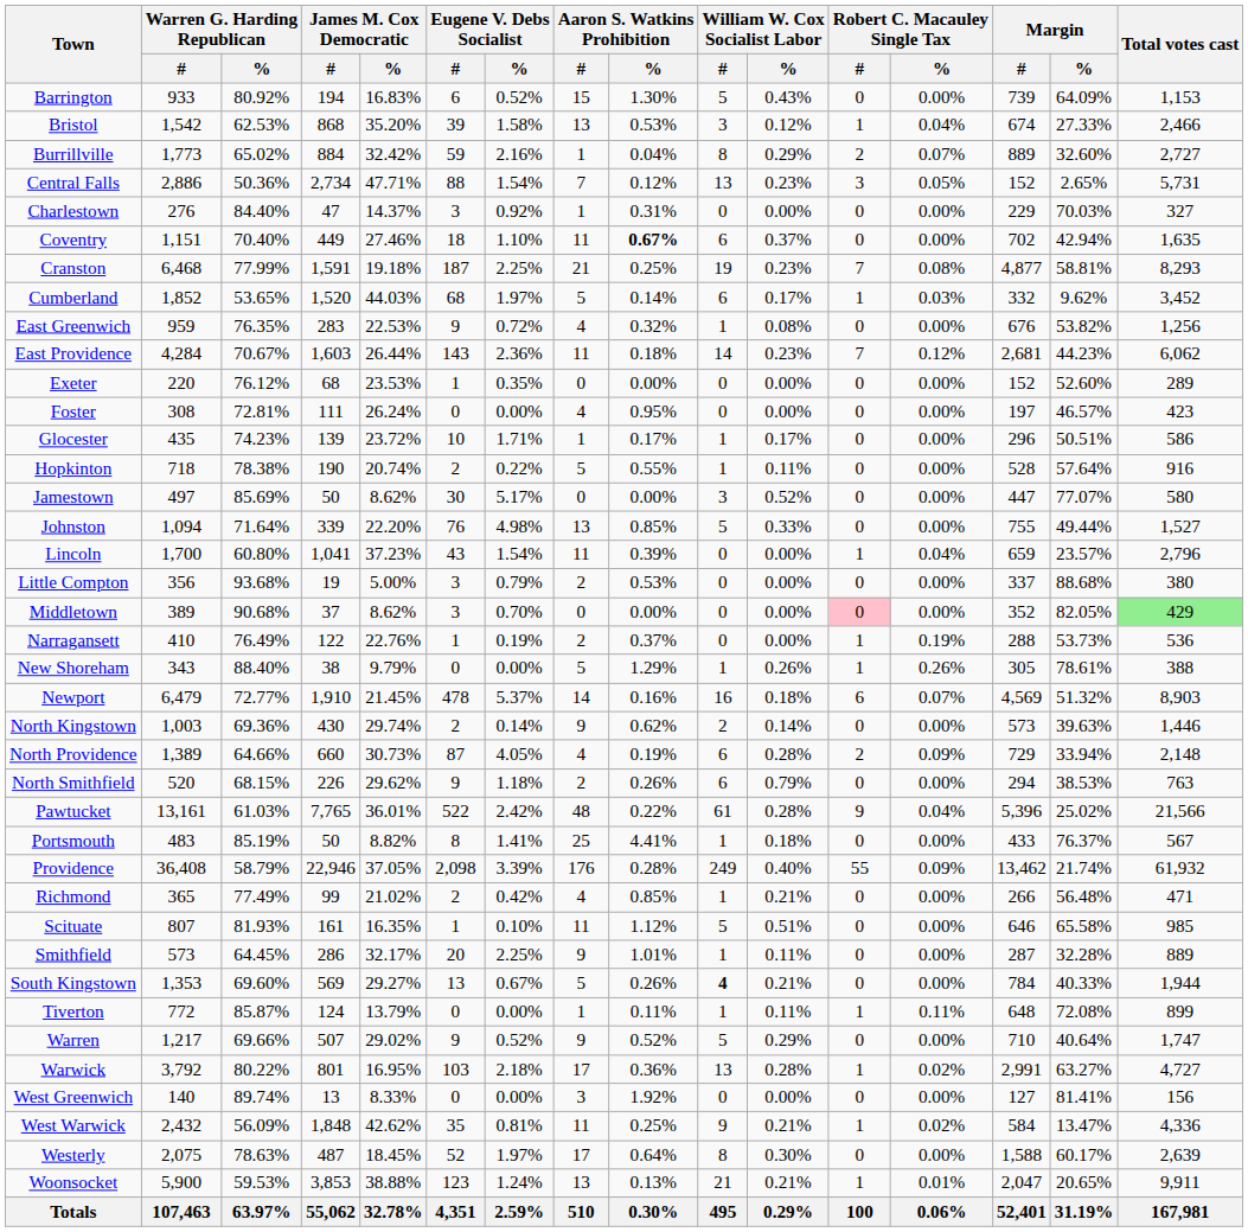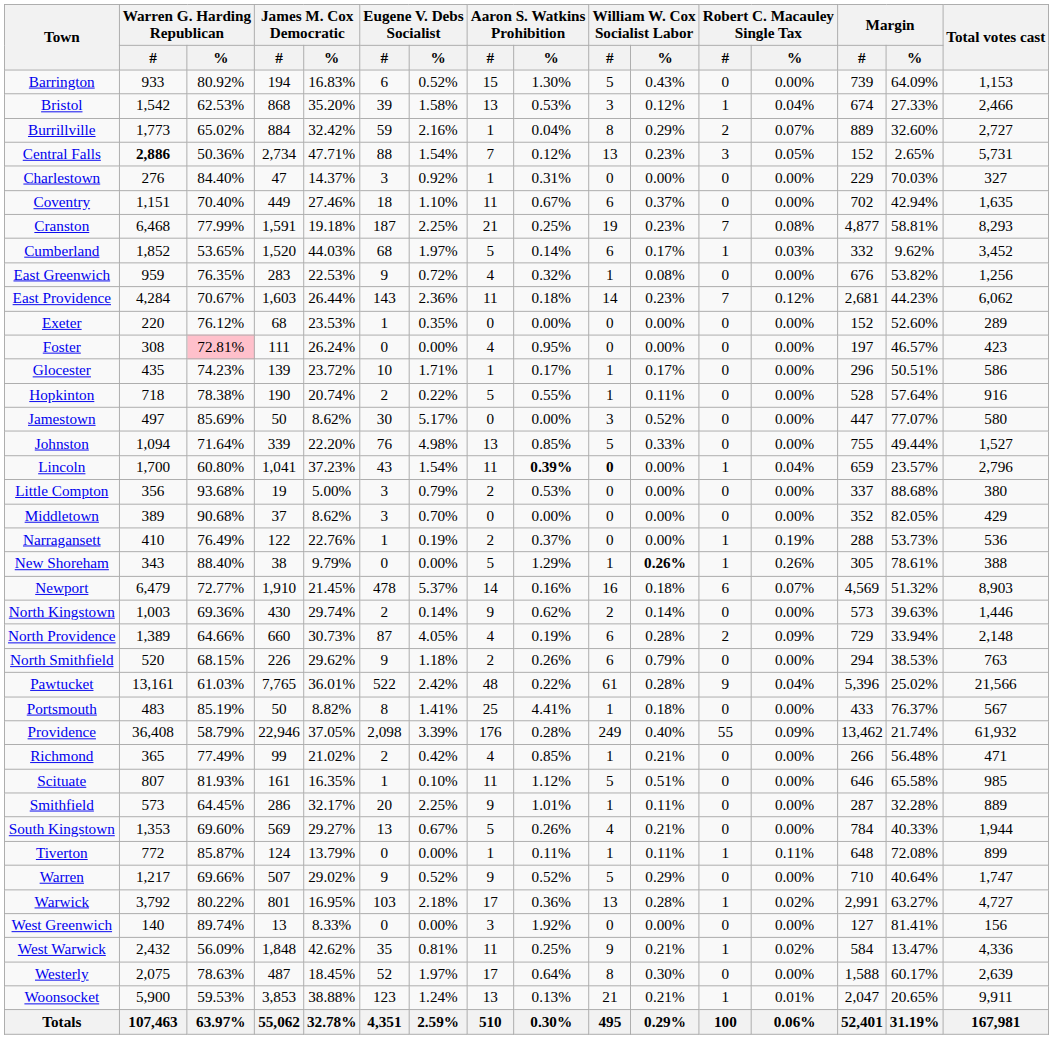 <table class="wikitable sortable" style="text-align:center">
 <tr>
 <th style="text-align:center;" rowspan="2">Town</th>
 <th style="text-align:center;" colspan="2">Warren G. Harding<br>Republican</th>
 <th style="text-align:center;" colspan="2">James M. Cox<br>Democratic</th>
 <th style="text-align:center;" colspan="2">Eugene V. Debs<br>Socialist</th>
 <th style="text-align:center;" colspan="2">Aaron S. Watkins<br>Prohibition</th>
 <th style="text-align:center;" colspan="2">William W. Cox<br>Socialist Labor</th>
 <th style="text-align:center;" colspan="2">Robert C. Macauley<br>Single Tax</th>
 <th style="text-align:center;" colspan="2">Margin</th>
 <th style="text-align:center;" rowspan="2" style="text-align:center;">Total votes cast</th>
 </tr>
 <tr>
 <th style="text-align:center;" data-sort-type="number">#</th>
 <th style="text-align:center;" data-sort-type="number">%</th>
 <th style="text-align:center;" data-sort-type="number">#</th>
 <th style="text-align:center;" data-sort-type="number">%</th>
 <th style="text-align:center;" data-sort-type="number">#</th>
 <th style="text-align:center;" data-sort-type="number">%</th>
 <th style="text-align:center;" data-sort-type="number">#</th>
 <th style="text-align:center;" data-sort-type="number">%</th>
 <th style="text-align:center;" data-sort-type="number">#</th>
 <th style="text-align:center;" data-sort-type="number">%</th>
 <th style="text-align:center;" data-sort-type="number">#</th>
 <th style="text-align:center;" data-sort-type="number">%</th>
 <th style="text-align:center;" data-sort-type="number">#</th>
 <th style="text-align:center;" data-sort-type="number">%</th>
 </tr>
 <tr style="text-align:center;">
 <td><a href='#'>Barrington</a></td>
 <td>933</td>
 <td>80.92%</td>
 <td>194</td>
 <td>16.83%</td>
 <td>6</td>
 <td>0.52%</td>
 <td>15</td>
 <td>1.30%</td>
 <td>5</td>
 <td>0.43%</td>
 <td>0</td>
 <td>0.00%</td>
 <td>739</td>
 <td>64.09%</td>
 <td>1,153</td>
 </tr>
 <tr style="text-align:center;">
 <td><a href='#'>Bristol</a></td>
 <td>1,542</td>
 <td>62.53%</td>
 <td>868</td>
 <td>35.20%</td>
 <td>39</td>
 <td>1.58%</td>
 <td>13</td>
 <td>0.53%</td>
 <td>3</td>
 <td>0.12%</td>
 <td>1</td>
 <td>0.04%</td>
 <td>674</td>
 <td>27.33%</td>
 <td>2,466</td>
 </tr>
 <tr style="text-align:center;">
 <td><a href='#'>Burrillville</a></td>
 <td>1,773</td>
 <td>65.02%</td>
 <td>884</td>
 <td>32.42%</td>
 <td>59</td>
 <td>2.16%</td>
 <td>1</td>
 <td>0.04%</td>
 <td>8</td>
 <td>0.29%</td>
 <td>2</td>
 <td>0.07%</td>
 <td>889</td>
 <td>32.60%</td>
 <td>2,727</td>
 </tr>
 <tr style="text-align:center;">
 <td><a href='#'>Central Falls</a></td>
-<td>2,886</td>
+<td><strong>2,886</strong></td>
 <td>50.36%</td>
 <td>2,734</td>
 <td>47.71%</td>
 <td>88</td>
 <td>1.54%</td>
 <td>7</td>
 <td>0.12%</td>
 <td>13</td>
 <td>0.23%</td>
 <td>3</td>
 <td>0.05%</td>
 <td>152</td>
 <td>2.65%</td>
 <td>5,731</td>
 </tr>
 <tr style="text-align:center;">
 <td><a href='#'>Charlestown</a></td>
 <td>276</td>
 <td>84.40%</td>
 <td>47</td>
 <td>14.37%</td>
 <td>3</td>
 <td>0.92%</td>
 <td>1</td>
 <td>0.31%</td>
 <td>0</td>
 <td>0.00%</td>
 <td>0</td>
 <td>0.00%</td>
 <td>229</td>
 <td>70.03%</td>
 <td>327</td>
 </tr>
 <tr style="text-align:center;">
 <td><a href='#'>Coventry</a></td>
 <td>1,151</td>
 <td>70.40%</td>
 <td>449</td>
 <td>27.46%</td>
 <td>18</td>
 <td>1.10%</td>
 <td>11</td>
-<td><strong>0.67%</strong></td>
+<td>0.67%</td>
 <td>6</td>
 <td>0.37%</td>
 <td>0</td>
 <td>0.00%</td>
 <td>702</td>
 <td>42.94%</td>
 <td>1,635</td>
 </tr>
 <tr style="text-align:center;">
 <td><a href='#'>Cranston</a></td>
 <td>6,468</td>
 <td>77.99%</td>
 <td>1,591</td>
 <td>19.18%</td>
 <td>187</td>
 <td>2.25%</td>
 <td>21</td>
 <td>0.25%</td>
 <td>19</td>
 <td>0.23%</td>
 <td>7</td>
 <td>0.08%</td>
 <td>4,877</td>
 <td>58.81%</td>
 <td>8,293</td>
 </tr>
 <tr style="text-align:center;">
 <td><a href='#'>Cumberland</a></td>
 <td>1,852</td>
 <td>53.65%</td>
 <td>1,520</td>
 <td>44.03%</td>
 <td>68</td>
 <td>1.97%</td>
 <td>5</td>
 <td>0.14%</td>
 <td>6</td>
 <td>0.17%</td>
 <td>1</td>
 <td>0.03%</td>
 <td>332</td>
 <td>9.62%</td>
 <td>3,452</td>
 </tr>
 <tr style="text-align:center;">
 <td><a href='#'>East Greenwich</a></td>
 <td>959</td>
 <td>76.35%</td>
 <td>283</td>
 <td>22.53%</td>
 <td>9</td>
 <td>0.72%</td>
 <td>4</td>
 <td>0.32%</td>
 <td>1</td>
 <td>0.08%</td>
 <td>0</td>
 <td>0.00%</td>
 <td>676</td>
 <td>53.82%</td>
 <td>1,256</td>
 </tr>
 <tr style="text-align:center;">
 <td><a href='#'>East Providence</a></td>
 <td>4,284</td>
 <td>70.67%</td>
 <td>1,603</td>
 <td>26.44%</td>
 <td>143</td>
 <td>2.36%</td>
 <td>11</td>
 <td>0.18%</td>
 <td>14</td>
 <td>0.23%</td>
 <td>7</td>
 <td>0.12%</td>
 <td>2,681</td>
 <td>44.23%</td>
 <td>6,062</td>
 </tr>
 <tr style="text-align:center;">
 <td><a href='#'>Exeter</a></td>
 <td>220</td>
 <td>76.12%</td>
 <td>68</td>
 <td>23.53%</td>
 <td>1</td>
 <td>0.35%</td>
 <td>0</td>
 <td>0.00%</td>
 <td>0</td>
 <td>0.00%</td>
 <td>0</td>
 <td>0.00%</td>
 <td>152</td>
 <td>52.60%</td>
 <td>289</td>
 </tr>
 <tr style="text-align:center;">
 <td><a href='#'>Foster</a></td>
 <td>308</td>
-<td>72.81%</td>
+<td style="background: pink;">72.81%</td>
 <td>111</td>
 <td>26.24%</td>
 <td>0</td>
 <td>0.00%</td>
 <td>4</td>
 <td>0.95%</td>
 <td>0</td>
 <td>0.00%</td>
 <td>0</td>
 <td>0.00%</td>
 <td>197</td>
 <td>46.57%</td>
 <td>423</td>
 </tr>
 <tr style="text-align:center;">
 <td><a href='#'>Glocester</a></td>
 <td>435</td>
 <td>74.23%</td>
 <td>139</td>
 <td>23.72%</td>
 <td>10</td>
 <td>1.71%</td>
 <td>1</td>
 <td>0.17%</td>
 <td>1</td>
 <td>0.17%</td>
 <td>0</td>
 <td>0.00%</td>
 <td>296</td>
 <td>50.51%</td>
 <td>586</td>
 </tr>
 <tr style="text-align:center;">
 <td><a href='#'>Hopkinton</a></td>
 <td>718</td>
 <td>78.38%</td>
 <td>190</td>
 <td>20.74%</td>
 <td>2</td>
 <td>0.22%</td>
 <td>5</td>
 <td>0.55%</td>
 <td>1</td>
 <td>0.11%</td>
 <td>0</td>
 <td>0.00%</td>
 <td>528</td>
 <td>57.64%</td>
 <td>916</td>
 </tr>
 <tr style="text-align:center;">
 <td><a href='#'>Jamestown</a></td>
 <td>497</td>
 <td>85.69%</td>
 <td>50</td>
 <td>8.62%</td>
 <td>30</td>
 <td>5.17%</td>
 <td>0</td>
 <td>0.00%</td>
 <td>3</td>
 <td>0.52%</td>
 <td>0</td>
 <td>0.00%</td>
 <td>447</td>
 <td>77.07%</td>
 <td>580</td>
 </tr>
 <tr style="text-align:center;">
 <td><a href='#'>Johnston</a></td>
 <td>1,094</td>
 <td>71.64%</td>
 <td>339</td>
 <td>22.20%</td>
 <td>76</td>
 <td>4.98%</td>
 <td>13</td>
 <td>0.85%</td>
 <td>5</td>
 <td>0.33%</td>
 <td>0</td>
 <td>0.00%</td>
 <td>755</td>
 <td>49.44%</td>
 <td>1,527</td>
 </tr>
 <tr style="text-align:center;">
 <td><a href='#'>Lincoln</a></td>
 <td>1,700</td>
 <td>60.80%</td>
 <td>1,041</td>
 <td>37.23%</td>
 <td>43</td>
 <td>1.54%</td>
 <td>11</td>
-<td>0.39%</td>
-<td>0</td>
+<td><strong>0.39%</strong></td>
+<td><strong>0</strong></td>
 <td>0.00%</td>
 <td>1</td>
 <td>0.04%</td>
 <td>659</td>
 <td>23.57%</td>
 <td>2,796</td>
 </tr>
 <tr style="text-align:center;">
 <td><a href='#'>Little Compton</a></td>
 <td>356</td>
 <td>93.68%</td>
 <td>19</td>
 <td>5.00%</td>
 <td>3</td>
 <td>0.79%</td>
 <td>2</td>
 <td>0.53%</td>
 <td>0</td>
 <td>0.00%</td>
 <td>0</td>
 <td>0.00%</td>
 <td>337</td>
 <td>88.68%</td>
 <td>380</td>
 </tr>
 <tr style="text-align:center;">
 <td><a href='#'>Middletown</a></td>
 <td>389</td>
 <td>90.68%</td>
 <td>37</td>
 <td>8.62%</td>
 <td>3</td>
 <td>0.70%</td>
 <td>0</td>
 <td>0.00%</td>
 <td>0</td>
 <td>0.00%</td>
-<td style="background: pink;">0</td>
+<td>0</td>
 <td>0.00%</td>
 <td>352</td>
 <td>82.05%</td>
-<td style="background: lightgreen;">429</td>
+<td>429</td>
 </tr>
 <tr style="text-align:center;">
 <td><a href='#'>Narragansett</a></td>
 <td>410</td>
 <td>76.49%</td>
 <td>122</td>
 <td>22.76%</td>
 <td>1</td>
 <td>0.19%</td>
 <td>2</td>
 <td>0.37%</td>
 <td>0</td>
 <td>0.00%</td>
 <td>1</td>
 <td>0.19%</td>
 <td>288</td>
 <td>53.73%</td>
 <td>536</td>
 </tr>
 <tr style="text-align:center;">
 <td><a href='#'>New Shoreham</a></td>
 <td>343</td>
 <td>88.40%</td>
 <td>38</td>
 <td>9.79%</td>
 <td>0</td>
 <td>0.00%</td>
 <td>5</td>
 <td>1.29%</td>
 <td>1</td>
-<td>0.26%</td>
+<td><strong>0.26%</strong></td>
 <td>1</td>
 <td>0.26%</td>
 <td>305</td>
 <td>78.61%</td>
 <td>388</td>
 </tr>
 <tr style="text-align:center;">
 <td><a href='#'>Newport</a></td>
 <td>6,479</td>
 <td>72.77%</td>
 <td>1,910</td>
 <td>21.45%</td>
 <td>478</td>
 <td>5.37%</td>
 <td>14</td>
 <td>0.16%</td>
 <td>16</td>
 <td>0.18%</td>
 <td>6</td>
 <td>0.07%</td>
 <td>4,569</td>
 <td>51.32%</td>
 <td>8,903</td>
 </tr>
 <tr style="text-align:center;">
 <td><a href='#'>North Kingstown</a></td>
 <td>1,003</td>
 <td>69.36%</td>
 <td>430</td>
 <td>29.74%</td>
 <td>2</td>
 <td>0.14%</td>
 <td>9</td>
 <td>0.62%</td>
 <td>2</td>
 <td>0.14%</td>
 <td>0</td>
 <td>0.00%</td>
 <td>573</td>
 <td>39.63%</td>
 <td>1,446</td>
 </tr>
 <tr style="text-align:center;">
 <td><a href='#'>North Providence</a></td>
 <td>1,389</td>
 <td>64.66%</td>
 <td>660</td>
 <td>30.73%</td>
 <td>87</td>
 <td>4.05%</td>
 <td>4</td>
 <td>0.19%</td>
 <td>6</td>
 <td>0.28%</td>
 <td>2</td>
 <td>0.09%</td>
 <td>729</td>
 <td>33.94%</td>
 <td>2,148</td>
 </tr>
 <tr style="text-align:center;">
 <td><a href='#'>North Smithfield</a></td>
 <td>520</td>
 <td>68.15%</td>
 <td>226</td>
 <td>29.62%</td>
 <td>9</td>
 <td>1.18%</td>
 <td>2</td>
 <td>0.26%</td>
 <td>6</td>
 <td>0.79%</td>
 <td>0</td>
 <td>0.00%</td>
 <td>294</td>
 <td>38.53%</td>
 <td>763</td>
 </tr>
 <tr style="text-align:center;">
 <td><a href='#'>Pawtucket</a></td>
 <td>13,161</td>
 <td>61.03%</td>
 <td>7,765</td>
 <td>36.01%</td>
 <td>522</td>
 <td>2.42%</td>
 <td>48</td>
 <td>0.22%</td>
 <td>61</td>
 <td>0.28%</td>
 <td>9</td>
 <td>0.04%</td>
 <td>5,396</td>
 <td>25.02%</td>
 <td>21,566</td>
 </tr>
 <tr style="text-align:center;">
 <td><a href='#'>Portsmouth</a></td>
 <td>483</td>
 <td>85.19%</td>
 <td>50</td>
 <td>8.82%</td>
 <td>8</td>
 <td>1.41%</td>
 <td>25</td>
 <td>4.41%</td>
 <td>1</td>
 <td>0.18%</td>
 <td>0</td>
 <td>0.00%</td>
 <td>433</td>
 <td>76.37%</td>
 <td>567</td>
 </tr>
 <tr style="text-align:center;">
 <td><a href='#'>Providence</a></td>
 <td>36,408</td>
 <td>58.79%</td>
 <td>22,946</td>
 <td>37.05%</td>
 <td>2,098</td>
 <td>3.39%</td>
 <td>176</td>
 <td>0.28%</td>
 <td>249</td>
 <td>0.40%</td>
 <td>55</td>
 <td>0.09%</td>
 <td>13,462</td>
 <td>21.74%</td>
 <td>61,932</td>
 </tr>
 <tr style="text-align:center;">
 <td><a href='#'>Richmond</a></td>
 <td>365</td>
 <td>77.49%</td>
 <td>99</td>
 <td>21.02%</td>
 <td>2</td>
 <td>0.42%</td>
 <td>4</td>
 <td>0.85%</td>
 <td>1</td>
 <td>0.21%</td>
 <td>0</td>
 <td>0.00%</td>
 <td>266</td>
 <td>56.48%</td>
 <td>471</td>
 </tr>
 <tr style="text-align:center;">
 <td><a href='#'>Scituate</a></td>
 <td>807</td>
 <td>81.93%</td>
 <td>161</td>
 <td>16.35%</td>
 <td>1</td>
 <td>0.10%</td>
 <td>11</td>
 <td>1.12%</td>
 <td>5</td>
 <td>0.51%</td>
 <td>0</td>
 <td>0.00%</td>
 <td>646</td>
 <td>65.58%</td>
 <td>985</td>
 </tr>
 <tr style="text-align:center;">
 <td><a href='#'>Smithfield</a></td>
 <td>573</td>
 <td>64.45%</td>
 <td>286</td>
 <td>32.17%</td>
 <td>20</td>
 <td>2.25%</td>
 <td>9</td>
 <td>1.01%</td>
 <td>1</td>
 <td>0.11%</td>
 <td>0</td>
 <td>0.00%</td>
 <td>287</td>
 <td>32.28%</td>
 <td>889</td>
 </tr>
 <tr style="text-align:center;">
 <td><a href='#'>South Kingstown</a></td>
 <td>1,353</td>
 <td>69.60%</td>
 <td>569</td>
 <td>29.27%</td>
 <td>13</td>
 <td>0.67%</td>
 <td>5</td>
 <td>0.26%</td>
-<td><strong>4</strong></td>
+<td>4</td>
 <td>0.21%</td>
 <td>0</td>
 <td>0.00%</td>
 <td>784</td>
 <td>40.33%</td>
 <td>1,944</td>
 </tr>
 <tr style="text-align:center;">
 <td><a href='#'>Tiverton</a></td>
 <td>772</td>
 <td>85.87%</td>
 <td>124</td>
 <td>13.79%</td>
 <td>0</td>
 <td>0.00%</td>
 <td>1</td>
 <td>0.11%</td>
 <td>1</td>
 <td>0.11%</td>
 <td>1</td>
 <td>0.11%</td>
 <td>648</td>
 <td>72.08%</td>
 <td>899</td>
 </tr>
 <tr style="text-align:center;">
 <td><a href='#'>Warren</a></td>
 <td>1,217</td>
 <td>69.66%</td>
 <td>507</td>
 <td>29.02%</td>
 <td>9</td>
 <td>0.52%</td>
 <td>9</td>
 <td>0.52%</td>
 <td>5</td>
 <td>0.29%</td>
 <td>0</td>
 <td>0.00%</td>
 <td>710</td>
 <td>40.64%</td>
 <td>1,747</td>
 </tr>
 <tr style="text-align:center;">
 <td><a href='#'>Warwick</a></td>
 <td>3,792</td>
 <td>80.22%</td>
 <td>801</td>
 <td>16.95%</td>
 <td>103</td>
 <td>2.18%</td>
 <td>17</td>
 <td>0.36%</td>
 <td>13</td>
 <td>0.28%</td>
 <td>1</td>
 <td>0.02%</td>
 <td>2,991</td>
 <td>63.27%</td>
 <td>4,727</td>
 </tr>
 <tr style="text-align:center;">
 <td><a href='#'>West Greenwich</a></td>
 <td>140</td>
 <td>89.74%</td>
 <td>13</td>
 <td>8.33%</td>
 <td>0</td>
 <td>0.00%</td>
 <td>3</td>
 <td>1.92%</td>
 <td>0</td>
 <td>0.00%</td>
 <td>0</td>
 <td>0.00%</td>
 <td>127</td>
 <td>81.41%</td>
 <td>156</td>
 </tr>
 <tr style="text-align:center;">
 <td><a href='#'>West Warwick</a></td>
 <td>2,432</td>
 <td>56.09%</td>
 <td>1,848</td>
 <td>42.62%</td>
 <td>35</td>
 <td>0.81%</td>
 <td>11</td>
 <td>0.25%</td>
 <td>9</td>
 <td>0.21%</td>
 <td>1</td>
 <td>0.02%</td>
 <td>584</td>
 <td>13.47%</td>
 <td>4,336</td>
 </tr>
 <tr style="text-align:center;">
 <td><a href='#'>Westerly</a></td>
 <td>2,075</td>
 <td>78.63%</td>
 <td>487</td>
 <td>18.45%</td>
 <td>52</td>
 <td>1.97%</td>
 <td>17</td>
 <td>0.64%</td>
 <td>8</td>
 <td>0.30%</td>
 <td>0</td>
 <td>0.00%</td>
 <td>1,588</td>
 <td>60.17%</td>
 <td>2,639</td>
 </tr>
 <tr style="text-align:center;">
 <td><a href='#'>Woonsocket</a></td>
 <td>5,900</td>
 <td>59.53%</td>
 <td>3,853</td>
 <td>38.88%</td>
 <td>123</td>
 <td>1.24%</td>
 <td>13</td>
 <td>0.13%</td>
 <td>21</td>
 <td>0.21%</td>
 <td>1</td>
 <td>0.01%</td>
 <td>2,047</td>
 <td>20.65%</td>
 <td>9,911</td>
 </tr>
 <tr style="text-align:center;">
 <th>Totals</th>
 <th>107,463</th>
 <th>63.97%</th>
 <th>55,062</th>
 <th>32.78%</th>
 <th>4,351</th>
 <th>2.59%</th>
 <th>510</th>
 <th>0.30%</th>
 <th>495</th>
 <th>0.29%</th>
 <th>100</th>
 <th>0.06%</th>
 <th>52,401</th>
 <th>31.19%</th>
 <th>167,981</th>
 </tr>
 </table>
